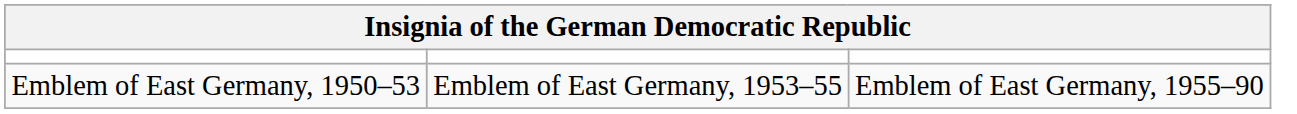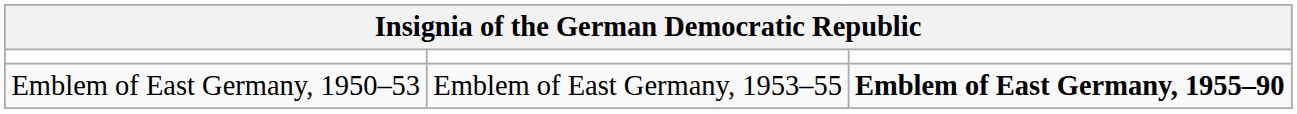 <table class="wikitable">
 <tr>
 <th class="hintergrundfarbe8" colspan="3">Insignia of the German Democratic Republic</th>
 </tr>
 <tr bgcolor="#FFFFFF">
 <td></td>
 <td></td>
 <td></td>
 </tr>
 <tr class="hintergrundfarbe8">
 <td>Emblem of East Germany, 1950–53</td>
 <td>Emblem of East Germany, 1953–55</td>
-<td>Emblem of East Germany, 1955–90</td>
+<td><strong>Emblem of East Germany, 1955–90</strong></td>
 </tr>
 </table>
